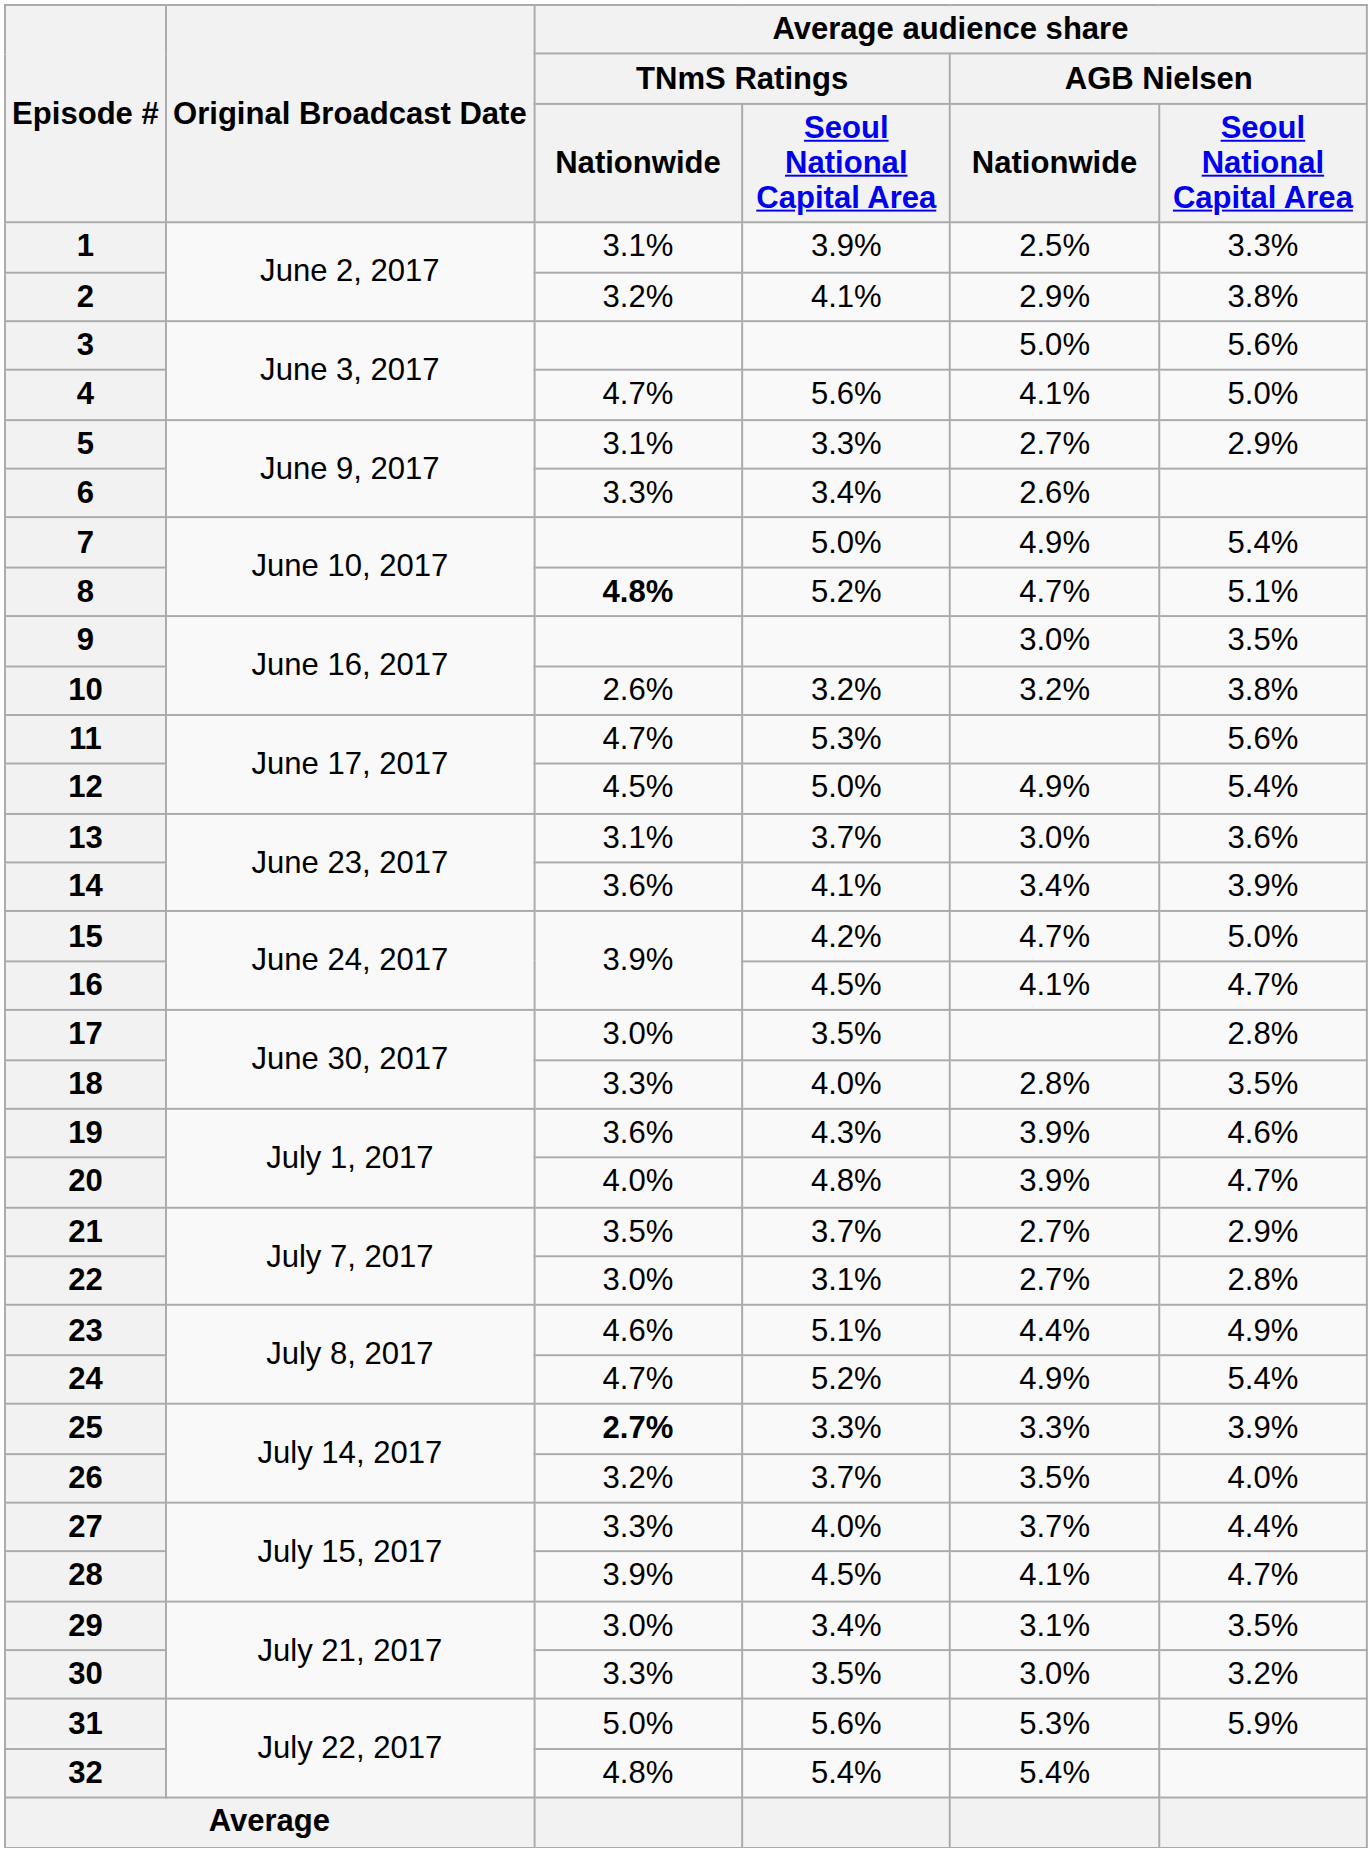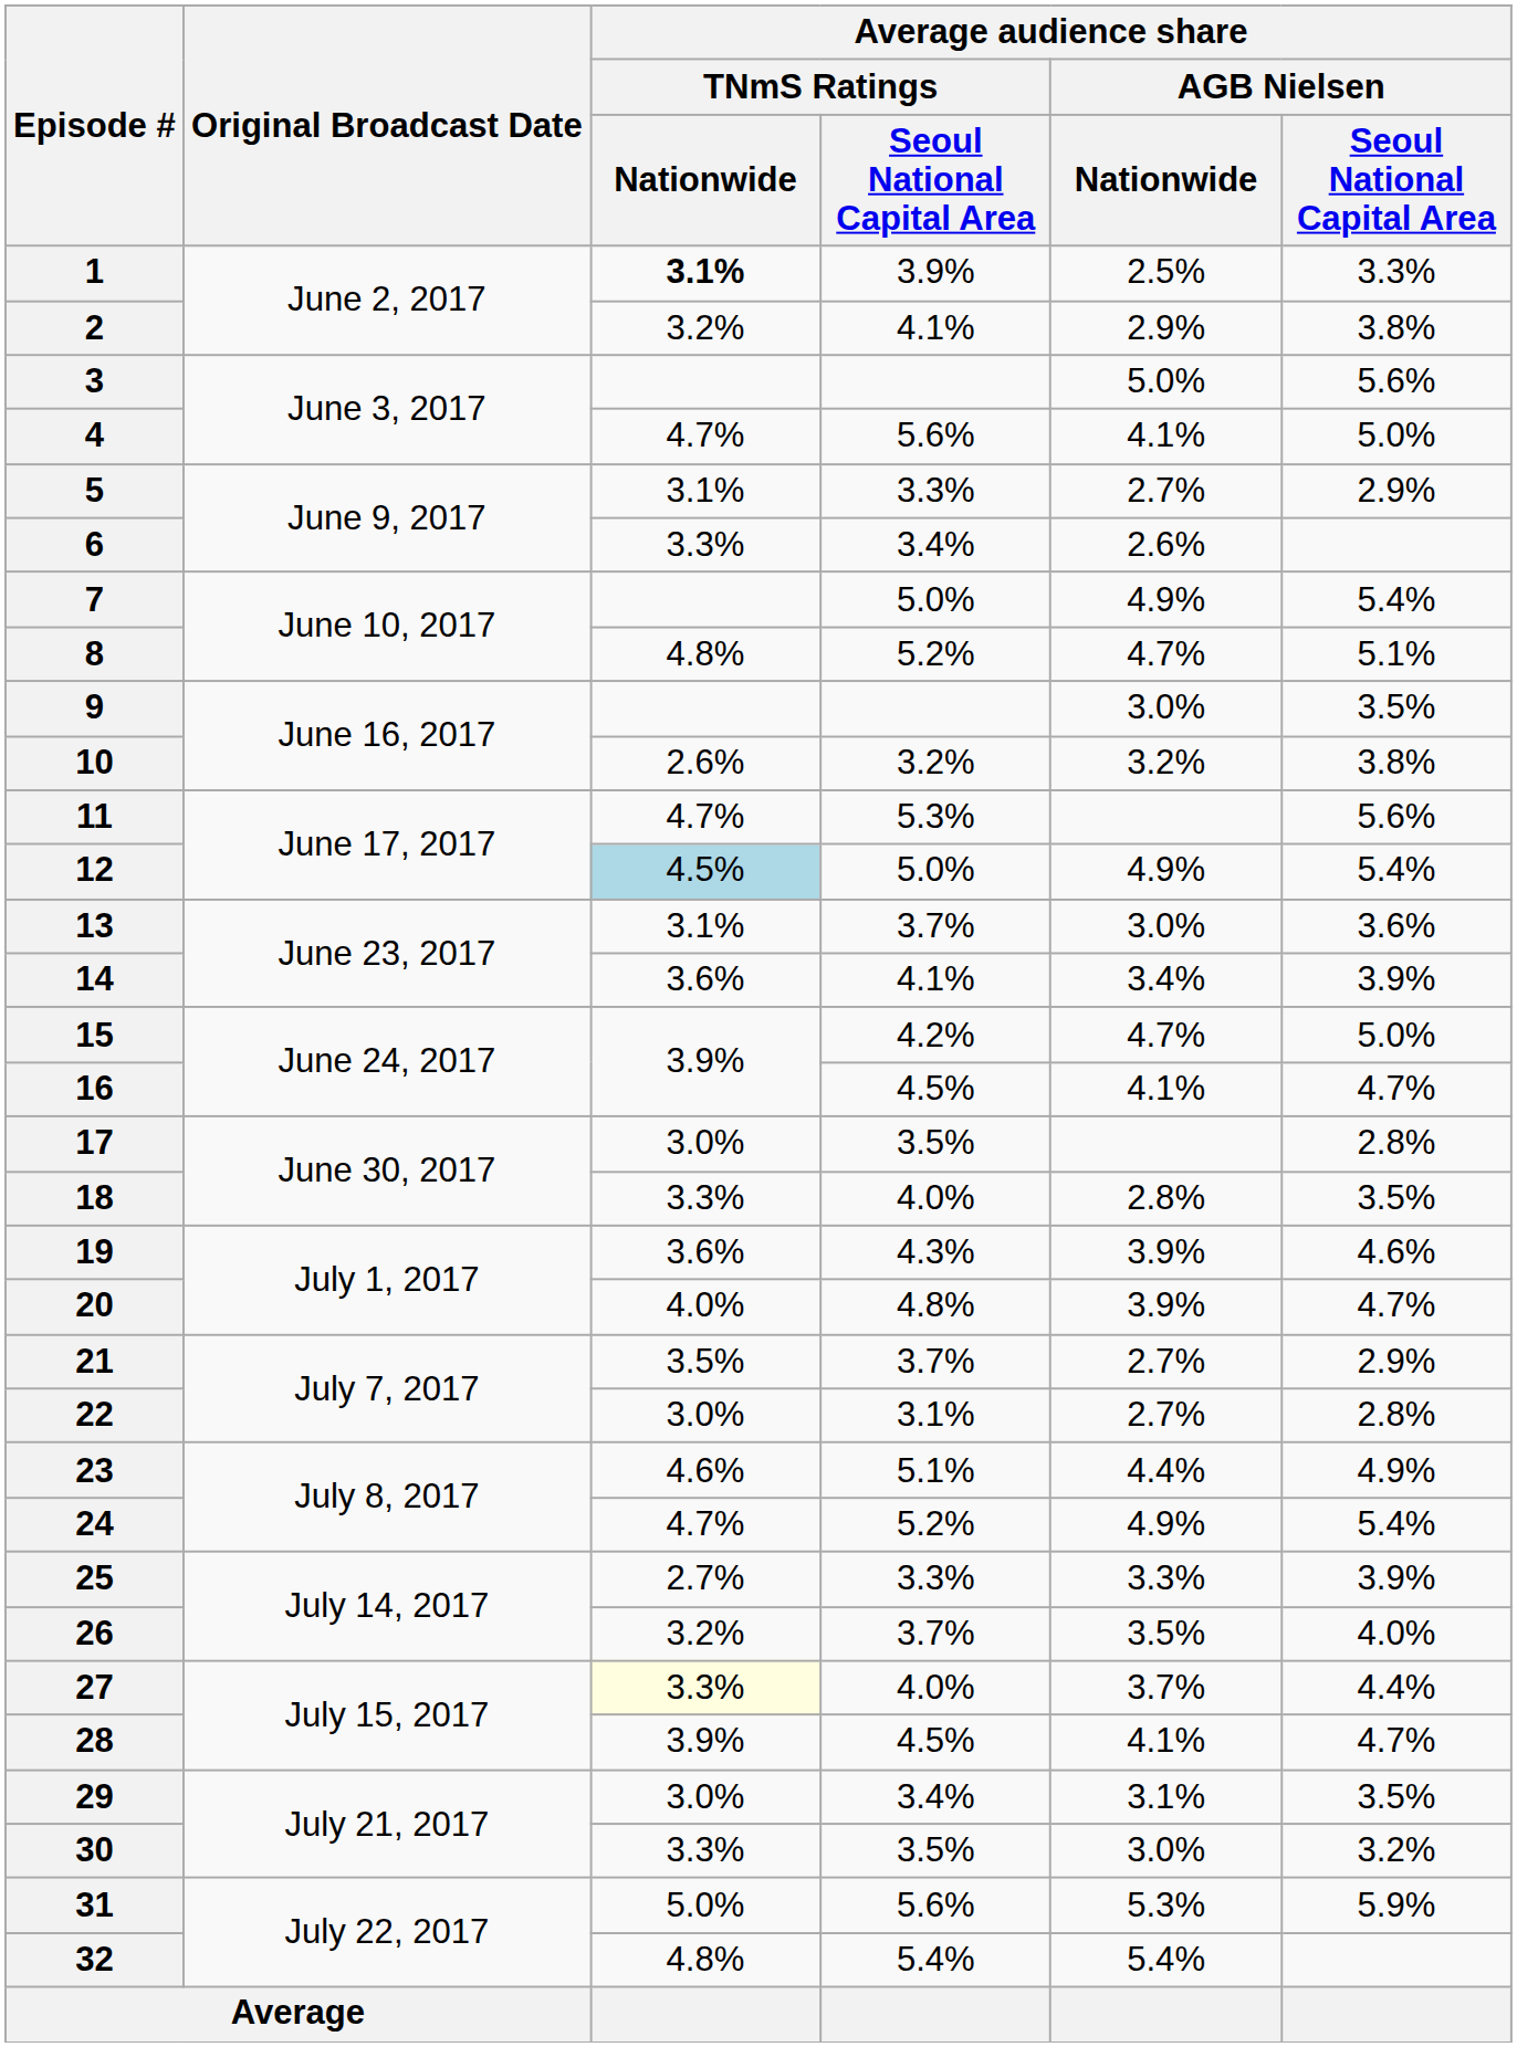 <table class="wikitable" style="text-align:center">
 <tr>
 <th rowspan="3">Episode #</th>
 <th rowspan="3">Original Broadcast Date</th>
 <th colspan="4">Average audience share</th>
 </tr>
 <tr>
 <th colspan="2">TNmS Ratings</th>
 <th colspan="2">AGB Nielsen</th>
 </tr>
 <tr>
 <th width="100">Nationwide</th>
 <th width="100"><a href='#'>Seoul National Capital Area</a></th>
 <th width="100">Nationwide</th>
 <th width="100"><a href='#'>Seoul National Capital Area</a></th>
 </tr>
 <tr>
 <th>1</th>
 <td rowspan="2">June 2, 2017</td>
-<td>3.1% </td>
+<td><strong>3.1% </strong></td>
 <td>3.9% </td>
 <td>2.5% </td>
 <td>3.3% </td>
 </tr>
 <tr>
 <th>2</th>
 <td>3.2% </td>
 <td>4.1% </td>
 <td>2.9%</td>
 <td>3.8% </td>
 </tr>
 <tr>
 <th>3</th>
 <td rowspan="2">June 3, 2017</td>
 <td> </td>
 <td> </td>
 <td>5.0% </td>
 <td>5.6% </td>
 </tr>
 <tr>
 <th>4</th>
 <td>4.7% </td>
 <td>5.6% </td>
 <td>4.1% </td>
 <td>5.0% </td>
 </tr>
 <tr>
 <th>5</th>
 <td rowspan="2">June 9, 2017</td>
 <td>3.1% </td>
 <td>3.3% </td>
 <td>2.7% </td>
 <td>2.9% </td>
 </tr>
 <tr>
 <th>6</th>
 <td>3.3% </td>
 <td>3.4% </td>
 <td>2.6% </td>
 <td> </td>
 </tr>
 <tr>
 <th>7</th>
 <td rowspan="2">June 10, 2017</td>
 <td> </td>
 <td>5.0% </td>
 <td>4.9% </td>
 <td>5.4% </td>
 </tr>
 <tr>
 <th>8</th>
-<td><strong>4.8% </strong></td>
+<td>4.8% </td>
 <td>5.2% </td>
 <td>4.7% </td>
 <td>5.1% </td>
 </tr>
 <tr>
 <th>9</th>
 <td rowspan="2">June 16, 2017</td>
 <td> </td>
 <td> </td>
 <td>3.0% </td>
 <td>3.5% </td>
 </tr>
 <tr>
 <th>10</th>
 <td>2.6% </td>
 <td>3.2% </td>
 <td>3.2% </td>
 <td>3.8% </td>
 </tr>
 <tr>
 <th>11</th>
 <td rowspan="2">June 17, 2017</td>
 <td>4.7% </td>
 <td>5.3% </td>
 <td> </td>
 <td>5.6% </td>
 </tr>
 <tr>
 <th>12</th>
-<td>4.5% </td>
+<td style="background: lightblue;">4.5% </td>
 <td>5.0% </td>
 <td>4.9% </td>
 <td>5.4% </td>
 </tr>
 <tr>
 <th>13</th>
 <td rowspan="2">June 23, 2017</td>
 <td>3.1% </td>
 <td>3.7% </td>
 <td>3.0% </td>
 <td>3.6% </td>
 </tr>
 <tr>
 <th>14</th>
 <td>3.6% </td>
 <td>4.1% </td>
 <td>3.4% </td>
 <td>3.9% </td>
 </tr>
 <tr>
 <th>15</th>
 <td rowspan="2">June 24, 2017</td>
 <td rowspan="2">3.9% </td>
 <td>4.2% </td>
 <td>4.7% </td>
 <td>5.0% </td>
 </tr>
 <tr>
 <th>16</th>
 <td>4.5% </td>
 <td>4.1% </td>
 <td>4.7% </td>
 </tr>
 <tr>
 <th>17</th>
 <td rowspan="2">June 30, 2017</td>
 <td>3.0% </td>
 <td>3.5% </td>
 <td> </td>
 <td>2.8% </td>
 </tr>
 <tr>
 <th>18</th>
 <td>3.3% </td>
 <td>4.0% </td>
 <td>2.8% </td>
 <td>3.5% </td>
 </tr>
 <tr>
 <th>19</th>
 <td rowspan="2">July 1, 2017</td>
 <td>3.6% </td>
 <td>4.3% </td>
 <td>3.9% </td>
 <td>4.6% </td>
 </tr>
 <tr>
 <th>20</th>
 <td>4.0% </td>
 <td>4.8% </td>
 <td>3.9% </td>
 <td>4.7% </td>
 </tr>
 <tr>
 <th>21</th>
 <td rowspan="2">July 7, 2017</td>
 <td>3.5% </td>
 <td>3.7% </td>
 <td>2.7% </td>
 <td>2.9% </td>
 </tr>
 <tr>
 <th>22</th>
 <td>3.0% </td>
 <td>3.1% </td>
 <td>2.7% </td>
 <td>2.8% </td>
 </tr>
 <tr>
 <th>23</th>
 <td rowspan="2">July 8, 2017</td>
 <td>4.6% </td>
 <td>5.1% </td>
 <td>4.4% </td>
 <td>4.9% </td>
 </tr>
 <tr>
 <th>24</th>
 <td>4.7% </td>
 <td>5.2% </td>
 <td>4.9% </td>
 <td>5.4% </td>
 </tr>
 <tr>
 <th>25</th>
 <td rowspan="2">July 14, 2017</td>
-<td><strong>2.7% </strong></td>
+<td>2.7% </td>
 <td>3.3% </td>
 <td>3.3% </td>
 <td>3.9% </td>
 </tr>
 <tr>
 <th>26</th>
 <td>3.2% </td>
 <td>3.7% </td>
 <td>3.5% </td>
 <td>4.0% </td>
 </tr>
 <tr>
 <th>27</th>
 <td rowspan="2">July 15, 2017</td>
-<td>3.3% </td>
+<td style="background: lightyellow;">3.3% </td>
 <td>4.0% </td>
 <td>3.7% </td>
 <td>4.4% </td>
 </tr>
 <tr>
 <th>28</th>
 <td>3.9% </td>
 <td>4.5% </td>
 <td>4.1% </td>
 <td>4.7% </td>
 </tr>
 <tr>
 <th>29</th>
 <td rowspan="2">July 21, 2017</td>
 <td>3.0% </td>
 <td>3.4% </td>
 <td>3.1% </td>
 <td>3.5% </td>
 </tr>
 <tr>
 <th>30</th>
 <td>3.3% </td>
 <td>3.5% </td>
 <td>3.0% </td>
 <td>3.2% </td>
 </tr>
 <tr>
 <th>31</th>
 <td rowspan="2">July 22, 2017</td>
 <td>5.0% </td>
 <td>5.6% </td>
 <td>5.3% </td>
 <td>5.9% </td>
 </tr>
 <tr>
 <th>32</th>
 <td>4.8% </td>
 <td>5.4% </td>
 <td>5.4% </td>
 <td> </td>
 </tr>
 <tr>
 <th colspan="2">Average</th>
 <th></th>
 <th></th>
 <th></th>
 <th></th>
 </tr>
 </table>
